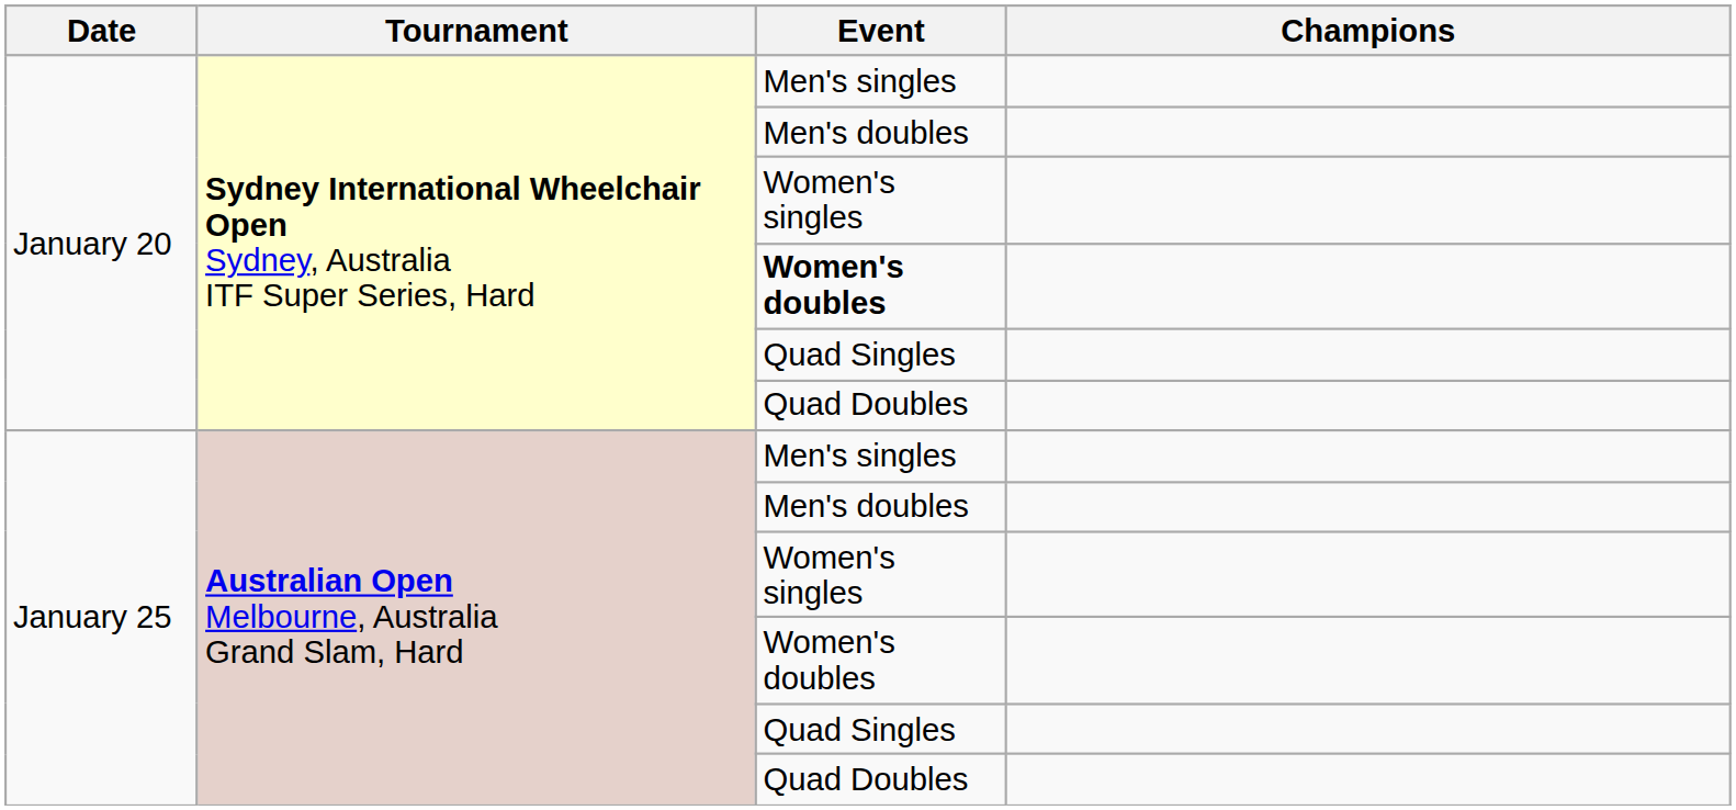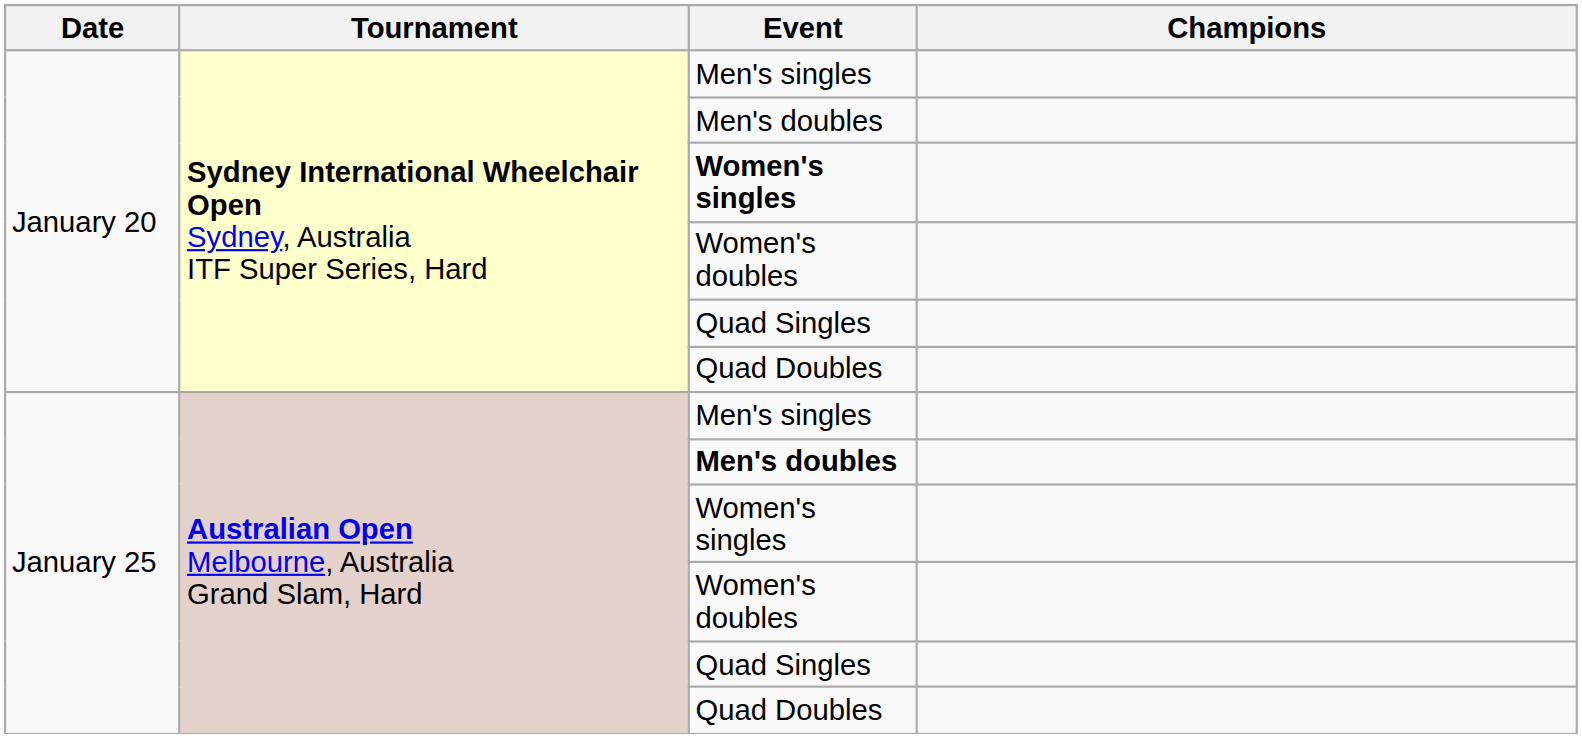 <table class=wikitable style=font-size:85%>
 <tr>
 <th width=75>Date</th>
 <th width=230>Tournament</th>
 <th width=100>Event</th>
 <th width=300>Champions</th>
 </tr>
 <tr>
 <td rowspan=6>January 20</td>
 <td bgcolor=#ffffcc rowspan=6><strong>Sydney International Wheelchair Open</strong><br> <a href='#'>Sydney</a>, Australia<br>ITF Super Series, Hard</td>
 <td>Men's singles</td>
 <td></td>
 </tr>
 <tr>
 <td>Men's doubles</td>
 <td><br></td>
 </tr>
 <tr>
-<td>Women's singles</td>
+<td><strong>Women's singles</strong></td>
 <td></td>
 </tr>
 <tr>
-<td><strong>Women's doubles</strong></td>
+<td>Women's doubles</td>
 <td><br></td>
 </tr>
 <tr>
 <td>Quad Singles</td>
 <td></td>
 </tr>
 <tr>
 <td>Quad Doubles</td>
 <td><br></td>
 </tr>
 <tr>
 <td rowspan=6>January 25</td>
 <td bgcolor=#e5d1cb rowspan=6><strong><a href='#'>Australian Open</a></strong><br> <a href='#'>Melbourne</a>, Australia<br>Grand Slam, Hard</td>
 <td>Men's singles</td>
 <td></td>
 </tr>
 <tr>
-<td>Men's doubles</td>
+<td><strong>Men's doubles</strong></td>
 <td><br></td>
 </tr>
 <tr>
 <td>Women's singles</td>
 <td></td>
 </tr>
 <tr>
 <td>Women's doubles</td>
 <td><br></td>
 </tr>
 <tr>
 <td>Quad Singles</td>
 <td></td>
 </tr>
 <tr>
 <td>Quad Doubles</td>
 <td><br></td>
 </tr>
 </table>
